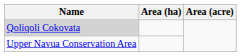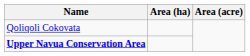 <table class="wikitable sortable">
 <tr>
 <th scope="col" align=left>Name</th>
 <th scope="col">Area (ha)</th>
 <th scope="col">Area (acre)</th>
 </tr>
 <tr ---->
-<td style="background: lightgrey;"><a href='#'>Qoliqoli Cokovata</a></td>
+<td><a href='#'>Qoliqoli Cokovata</a></td>
 <td></td>
 </tr>
 <tr ---->
-<td><a href='#'>Upper Navua Conservation Area</a></td>
+<td><strong><a href='#'>Upper Navua Conservation Area</a></strong></td>
 <td></td>
 </tr>
 </table>
